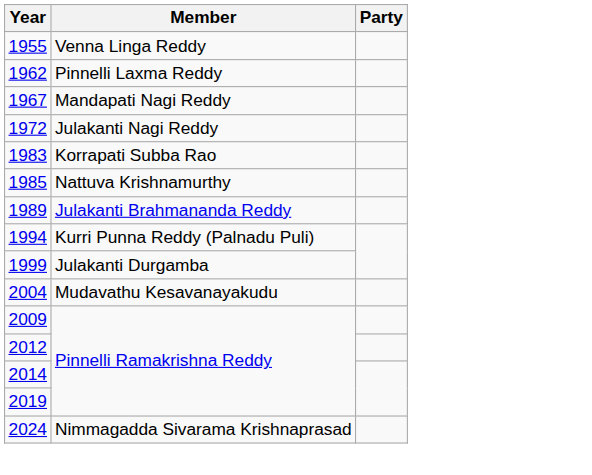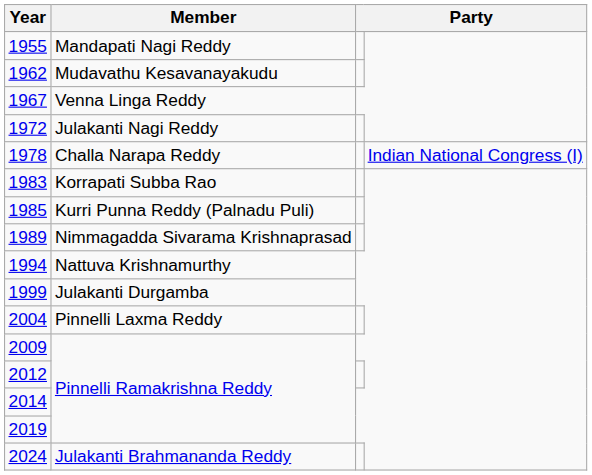 <table class="wikitable sortable">
 <tr>
 <th>Year</th>
 <th>Member</th>
 <th colspan="2">Party</th>
 </tr>
 <tr>
 <td><a href='#'>1955</a></td>
-<td>Venna Linga Reddy</td>
+<td>Mandapati Nagi Reddy</td>
 <td></td>
 </tr>
 <tr>
 <td><a href='#'>1962</a></td>
-<td>Pinnelli Laxma Reddy</td>
+<td>Mudavathu Kesavanayakudu</td>
 <td></td>
 </tr>
 <tr>
 <td><a href='#'>1967</a></td>
-<td>Mandapati Nagi Reddy</td>
+<td>Venna Linga Reddy</td>
 </tr>
 <tr>
 <td><a href='#'>1972</a></td>
 <td>Julakanti Nagi Reddy</td>
 <td></td>
+</tr>
+<tr>
+<td><a href='#'>1978</a></td>
+<td>Challa Narapa Reddy</td>
+<td style="background-color: "></td>
+<td><a href='#'>Indian National Congress (I)</a></td>
 </tr>
 <tr>
 <td><a href='#'>1983</a></td>
 <td>Korrapati Subba Rao</td>
 <td></td>
 </tr>
 <tr>
 <td><a href='#'>1985</a></td>
-<td>Nattuva Krishnamurthy</td>
+<td>Kurri Punna Reddy (Palnadu Puli)</td>
 <td></td>
 </tr>
 <tr>
 <td><a href='#'>1989</a></td>
-<td><a href='#'>Julakanti Brahmananda Reddy</a></td>
+<td>Nimmagadda Sivarama Krishnaprasad</td>
 <td></td>
 </tr>
 <tr>
 <td><a href='#'>1994</a></td>
-<td>Kurri Punna Reddy (Palnadu Puli)</td>
+<td>Nattuva Krishnamurthy</td>
 </tr>
 <tr>
 <td><a href='#'>1999</a></td>
 <td>Julakanti Durgamba</td>
 </tr>
 <tr>
 <td><a href='#'>2004</a></td>
-<td>Mudavathu Kesavanayakudu</td>
+<td>Pinnelli Laxma Reddy</td>
 <td></td>
 </tr>
 <tr>
 <td><a href='#'>2009</a></td>
 <td rowspan="4"><a href='#'>Pinnelli Ramakrishna Reddy</a></td>
 </tr>
 <tr>
 <td><a href='#'>2012</a></td>
 <td></td>
 </tr>
 <tr>
 <td><a href='#'>2014</a></td>
 </tr>
 <tr>
 <td><a href='#'>2019</a></td>
 </tr>
 <tr>
 <td><a href='#'>2024</a></td>
-<td>Nimmagadda Sivarama Krishnaprasad</td>
+<td><a href='#'>Julakanti Brahmananda Reddy</a></td>
 <td></td>
 </tr>
 </table>
